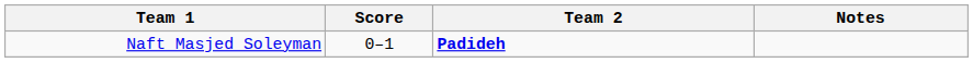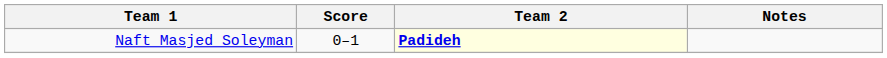 <table class="wikitable" style="text-align:center">
 <tr>
 <th width=250>Team 1</th>
 <th width=80>Score</th>
 <th width=250>Team 2</th>
 <th width=165>Notes</th>
 </tr>
 <tr>
 <td align="right"><a href='#'>Naft Masjed Soleyman</a></td>
 <td>0–1</td>
-<td align="left"><strong><a href='#'>Padideh</a></strong></td>
+<td align="left" style="background: lightyellow;"><strong><a href='#'>Padideh</a></strong></td>
 <td></td>
 </tr>
 <tr>
 </tr>
 </table>
